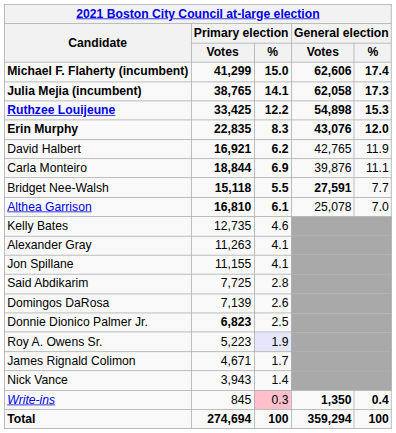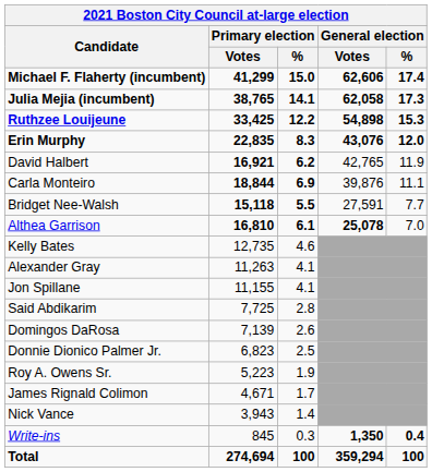 <table class=wikitable>
 <tr>
 <th colspan=5><a href='#'>2021 Boston City Council at-large election</a></th>
 </tr>
 <tr>
 <th colspan=1 rowspan=2>Candidate</th>
 <th colspan=2><strong>Primary election</strong></th>
 <th colspan=2><strong>General election</strong></th>
 </tr>
 <tr>
 <th>Votes</th>
 <th>%</th>
 <th>Votes</th>
 <th>%</th>
 </tr>
 <tr>
 <td><strong>Michael F. Flaherty (incumbent)</strong></td>
 <td align="right"><strong>41,299</strong></td>
 <td align="right"><strong>15.0</strong></td>
 <td align="right"><strong>62,606</strong></td>
 <td align="right"><strong>17.4</strong></td>
 </tr>
 <tr>
 <td><strong>Julia Mejia (incumbent)</strong></td>
 <td align="right"><strong>38,765</strong></td>
 <td align="right"><strong>14.1</strong></td>
 <td align="right"><strong>62,058</strong></td>
 <td align="right"><strong>17.3</strong></td>
 </tr>
 <tr>
 <td><strong><a href='#'>Ruthzee Louijeune</a></strong></td>
 <td align="right"><strong>33,425</strong></td>
 <td align="right"><strong>12.2</strong></td>
 <td align="right"><strong>54,898</strong></td>
 <td align="right"><strong>15.3</strong></td>
 </tr>
 <tr>
 <td><strong>Erin Murphy</strong></td>
 <td align="right"><strong>22,835</strong></td>
 <td align="right"><strong>8.3</strong></td>
 <td align="right"><strong>43,076</strong></td>
 <td align="right"><strong>12.0</strong></td>
 </tr>
 <tr>
 <td>David Halbert</td>
 <td align="right"><strong>16,921</strong></td>
 <td align="right"><strong>6.2</strong></td>
 <td align="right">42,765</td>
 <td align="right">11.9</td>
 </tr>
 <tr>
 <td>Carla Monteiro</td>
 <td align="right"><strong>18,844</strong></td>
 <td align="right"><strong>6.9</strong></td>
 <td align="right">39,876</td>
 <td align="right">11.1</td>
 </tr>
 <tr>
 <td>Bridget Nee-Walsh</td>
 <td align="right"><strong>15,118</strong></td>
 <td align="right"><strong>5.5</strong></td>
-<td align="right"><strong>27,591</strong></td>
+<td align="right">27,591</td>
 <td align="right">7.7</td>
 </tr>
 <tr>
 <td><a href='#'>Althea Garrison</a></td>
 <td align="right"><strong>16,810</strong></td>
 <td align="right"><strong>6.1</strong></td>
-<td align="right">25,078</td>
+<td align="right"><strong>25,078</strong></td>
 <td align="right">7.0</td>
 </tr>
 <tr>
 <td>Kelly Bates</td>
 <td align="right">12,735</td>
 <td align="right">4.6</td>
 <td colspan=2 bgcolor=darkgray> </td>
 </tr>
 <tr>
 <td>Alexander Gray</td>
 <td align="right">11,263</td>
 <td align="right">4.1</td>
 <td colspan=2 bgcolor=darkgray> </td>
 </tr>
 <tr>
 <td>Jon Spillane</td>
 <td align="right">11,155</td>
 <td align="right">4.1</td>
 <td colspan=2 bgcolor=darkgray> </td>
 </tr>
 <tr>
 <td>Said Abdikarim</td>
 <td align="right">7,725</td>
 <td align="right">2.8</td>
 <td colspan=2 bgcolor=darkgray> </td>
 </tr>
 <tr>
 <td>Domingos DaRosa</td>
 <td align="right">7,139</td>
 <td align="right">2.6</td>
 <td colspan=2 bgcolor=darkgray> </td>
 </tr>
 <tr>
 <td>Donnie Dionico Palmer Jr.</td>
-<td align="right"><strong>6,823</strong></td>
+<td align="right">6,823</td>
 <td align="right">2.5</td>
 <td colspan=2 bgcolor=darkgray> </td>
 </tr>
 <tr>
 <td>Roy A. Owens Sr.</td>
 <td align="right">5,223</td>
-<td align="right" style="background: lavender;">1.9</td>
+<td align="right">1.9</td>
 <td colspan=2 bgcolor=darkgray> </td>
 </tr>
 <tr>
 <td>James Rignald Colimon</td>
 <td align="right">4,671</td>
 <td align="right">1.7</td>
 <td colspan=2 bgcolor=darkgray> </td>
 </tr>
 <tr>
 <td>Nick Vance</td>
 <td align="right">3,943</td>
 <td align="right">1.4</td>
 <td colspan=2 bgcolor=darkgray> </td>
 </tr>
 <tr>
 <td><em><a href='#'>Write-ins</a></em></td>
 <td align="right">845</td>
-<td align="right" style="background: pink;">0.3</td>
+<td align="right">0.3</td>
 <td align="right"><strong>1,350</strong></td>
 <td align="right"><strong>0.4</strong></td>
 </tr>
 <tr>
 <td><strong>Total</strong></td>
 <td align="right"><strong>274,694</strong></td>
 <td align="right"><strong>100</strong></td>
 <td align="right"><strong>359,294</strong></td>
 <td align="right"><strong>100</strong></td>
 </tr>
 </table>
